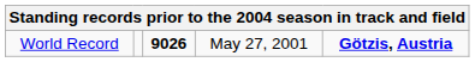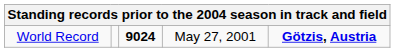 <table class="wikitable" style=" text-align:center;">
 <tr>
 <th colspan="5">Standing records prior to the 2004 season in track and field</th>
 </tr>
 <tr>
 <td><a href='#'>World Record</a></td>
 <td></td>
-<td><strong>9026</strong></td>
+<td><strong>9024</strong></td>
 <td>May 27, 2001</td>
 <td><strong> <a href='#'>Götzis</a>, <a href='#'>Austria</a></strong></td>
 </tr>
 </table>
